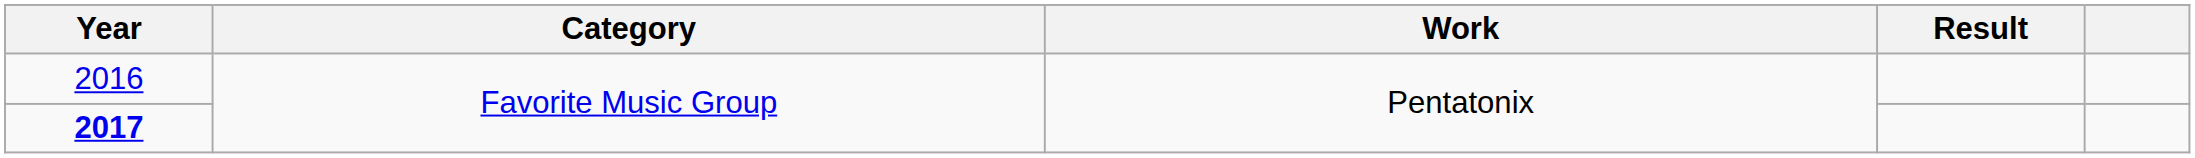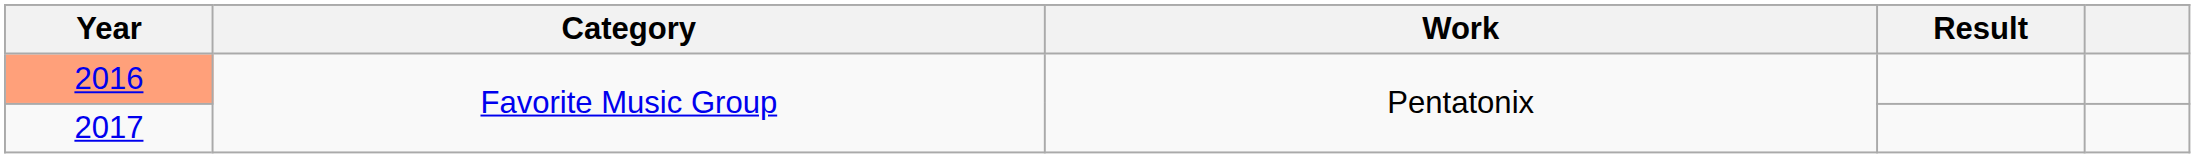 <table class="wikitable">
 <tr>
 <th style="width:5%;">Year</th>
 <th style="width:20%;">Category</th>
 <th style="width:20%;">Work</th>
 <th style="width:5%;">Result</th>
 <th style="width:2.5%;"></th>
 </tr>
 <tr>
-<td style="text-align:center;"><a href='#'>2016</a></td>
+<td style="background: lightsalmon; text-align:center;"><a href='#'>2016</a></td>
 <td rowspan="2" style="text-align:center;"><a href='#'>Favorite Music Group</a></td>
 <td rowspan="2" style="text-align:center;">Pentatonix</td>
 <td></td>
 <td style="text-align:center;"></td>
 </tr>
 <tr>
-<td style="text-align:center;"><strong><a href='#'>2017</a></strong></td>
+<td style="text-align:center;"><a href='#'>2017</a></td>
 <td></td>
 <td></td>
 </tr>
 </table>
